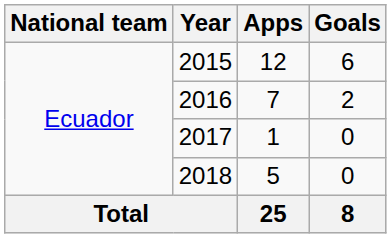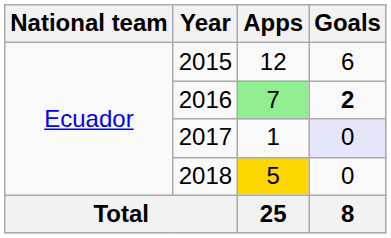 <table class="wikitable" style="text-align:center">
 <tr>
 <th>National team</th>
 <th>Year</th>
 <th>Apps</th>
 <th>Goals</th>
 </tr>
 <tr>
 <td rowspan="4"><a href='#'>Ecuador</a></td>
 <td>2015</td>
 <td>12</td>
 <td>6</td>
 </tr>
 <tr>
 <td>2016</td>
-<td>7</td>
-<td>2</td>
+<td style="background: lightgreen;">7</td>
+<td><strong>2</strong></td>
 </tr>
 <tr>
 <td>2017</td>
 <td>1</td>
-<td>0</td>
+<td style="background: lavender;">0</td>
 </tr>
 <tr>
 <td>2018</td>
-<td>5</td>
+<td style="background: gold;">5</td>
 <td>0</td>
 </tr>
 <tr>
 <th colspan="2">Total</th>
 <th>25</th>
 <th>8</th>
 </tr>
 </table>
